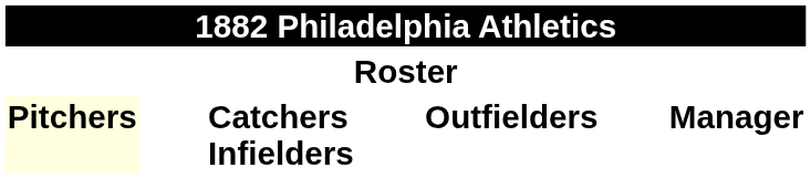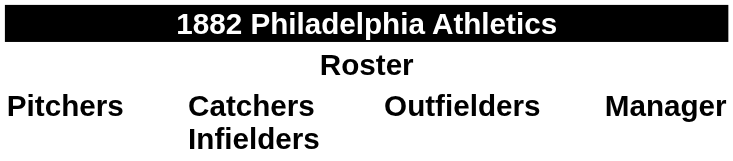 <table class="toccolours" style="font-size: 95%;">
 <tr>
 <th colspan="10" style="background-color: black; color: white; text-align: center;">1882 Philadelphia Athletics</th>
 </tr>
 <tr>
 <td colspan="10" style="background-color: white; color: black; text-align: center;"><strong>Roster</strong></td>
 </tr>
 <tr>
-<td valign="top" style="background: lightyellow;"><strong>Pitchers</strong><br>      </td>
+<td valign="top"><strong>Pitchers</strong><br>      </td>
 <td width="25px"></td>
 <td valign="top"><strong>Catchers</strong><br>    <strong>Infielders</strong>      </td>
 <td width="25px"></td>
 <td valign="top"><strong>Outfielders</strong><br>      </td>
 <td width="25px"></td>
 <td valign="top"><strong>Manager</strong><br></td>
 </tr>
 </table>
